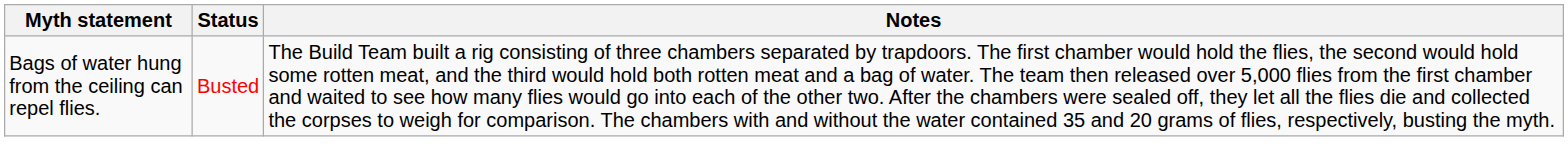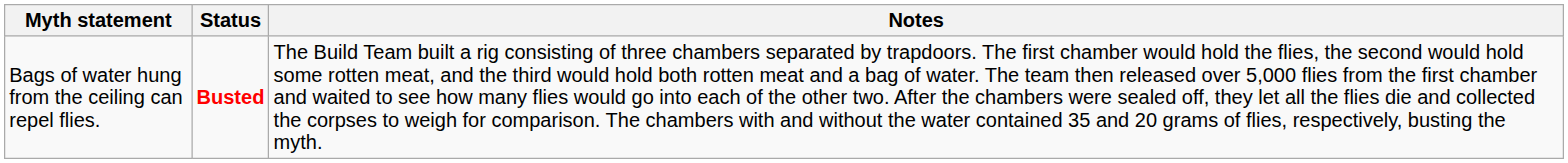 <table class="wikitable plainrowheaders">
 <tr>
 <th>Myth statement</th>
 <th>Status</th>
 <th>Notes</th>
 </tr>
 <tr>
 <td>Bags of water hung from the ceiling can repel flies.</td>
-<td style="color:red">Busted</td>
+<td style="color:red"><strong>Busted</strong></td>
 <td>The Build Team built a rig consisting of three chambers separated by trapdoors. The first chamber would hold the flies, the second would hold some rotten meat, and the third would hold both rotten meat and a bag of water. The team then released over 5,000 flies from the first chamber and waited to see how many flies would go into each of the other two. After the chambers were sealed off, they let all the flies die and collected the corpses to weigh for comparison. The chambers with and without the water contained 35 and 20 grams of flies, respectively, busting the myth.</td>
 </tr>
 </table>
